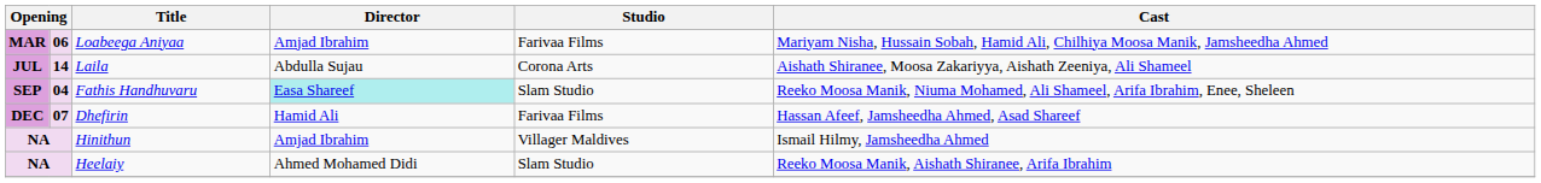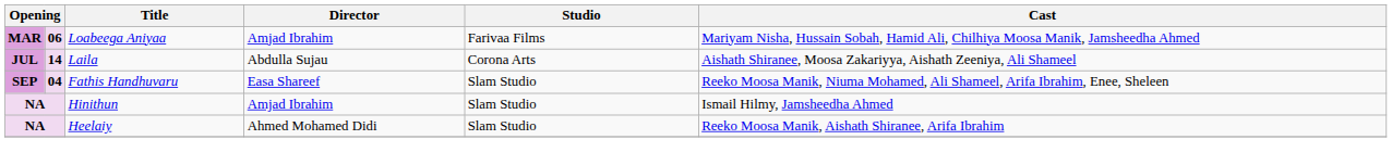 <table class="wikitable plainrowheaders" width="100%">
 <tr>
 <th scope="col" colspan="2" width=4%>Opening</th>
 <th scope="col" width=13%>Title</th>
 <th scope="col" width=16%>Director</th>
 <th scope="col" width=17%>Studio</th>
 <th scope="col" width=50%>Cast</th>
 </tr>
 <tr>
 <td style="text-align:center; background:plum; textcolor:#000;"><strong>MAR</strong></td>
 <td style="text-align:center; background:#f1daf1;"><strong>06</strong></td>
 <td><em><a href='#'>Loabeega Aniyaa</a></em></td>
 <td><a href='#'>Amjad Ibrahim</a></td>
 <td>Farivaa Films</td>
 <td><a href='#'>Mariyam Nisha</a>, <a href='#'>Hussain Sobah</a>, <a href='#'>Hamid Ali</a>, <a href='#'>Chilhiya Moosa Manik</a>, <a href='#'>Jamsheedha Ahmed</a></td>
 </tr>
 <tr>
 <td style="text-align:center; background:plum; textcolor:#000;"><strong>JUL</strong></td>
 <td style="text-align:center; background:#f1daf1;"><strong>14</strong></td>
 <td><em><a href='#'>Laila</a></em></td>
 <td>Abdulla Sujau</td>
 <td>Corona Arts</td>
 <td><a href='#'>Aishath Shiranee</a>, Moosa Zakariyya, Aishath Zeeniya, <a href='#'>Ali Shameel</a></td>
 </tr>
 <tr>
 <td style="text-align:center; background:plum; textcolor:#000;"><strong>SEP</strong></td>
 <td style="text-align:center; background:#f1daf1;"><strong>04</strong></td>
 <td><em><a href='#'>Fathis Handhuvaru</a></em></td>
-<td style="background: paleturquoise;"><a href='#'>Easa Shareef</a></td>
+<td><a href='#'>Easa Shareef</a></td>
 <td>Slam Studio</td>
 <td><a href='#'>Reeko Moosa Manik</a>, <a href='#'>Niuma Mohamed</a>, <a href='#'>Ali Shameel</a>, <a href='#'>Arifa Ibrahim</a>, Enee, Sheleen</td>
-</tr>
-<tr>
-<td style="text-align:center; background:plum; textcolor:#000;"><strong>DEC</strong></td>
-<td style="text-align:center; background:#f1daf1;"><strong>07</strong></td>
-<td><em><a href='#'>Dhefirin</a></em></td>
-<td><a href='#'>Hamid Ali</a></td>
-<td>Farivaa Films</td>
-<td><a href='#'>Hassan Afeef</a>, <a href='#'>Jamsheedha Ahmed</a>, <a href='#'>Asad Shareef</a></td>
 </tr>
 <tr>
 <td style="text-align:center; background:#f1daf1;" colspan="2"><strong>NA</strong></td>
 <td><em><a href='#'>Hinithun</a></em></td>
 <td><a href='#'>Amjad Ibrahim</a></td>
-<td>Villager Maldives</td>
+<td>Slam Studio</td>
 <td>Ismail Hilmy, <a href='#'>Jamsheedha Ahmed</a></td>
 </tr>
 <tr>
 <td style="text-align:center; background:#f1daf1;" colspan="2"><strong>NA</strong></td>
 <td><em><a href='#'>Heelaiy</a></em></td>
 <td>Ahmed Mohamed Didi</td>
 <td>Slam Studio</td>
 <td><a href='#'>Reeko Moosa Manik</a>, <a href='#'>Aishath Shiranee</a>, <a href='#'>Arifa Ibrahim</a></td>
 </tr>
 <tr>
 </tr>
 </table>
